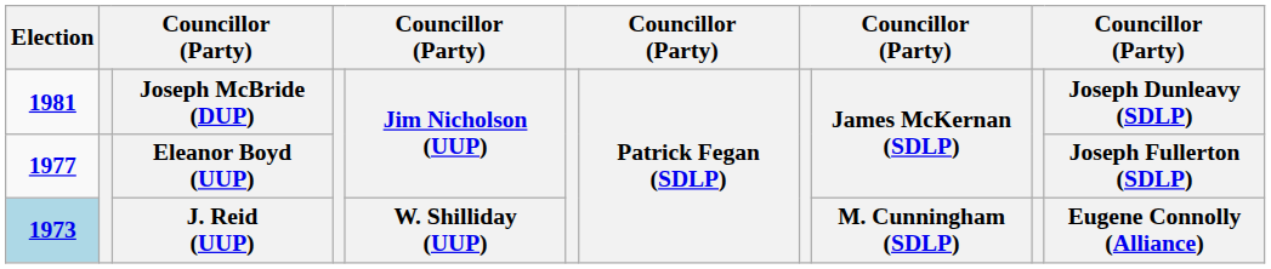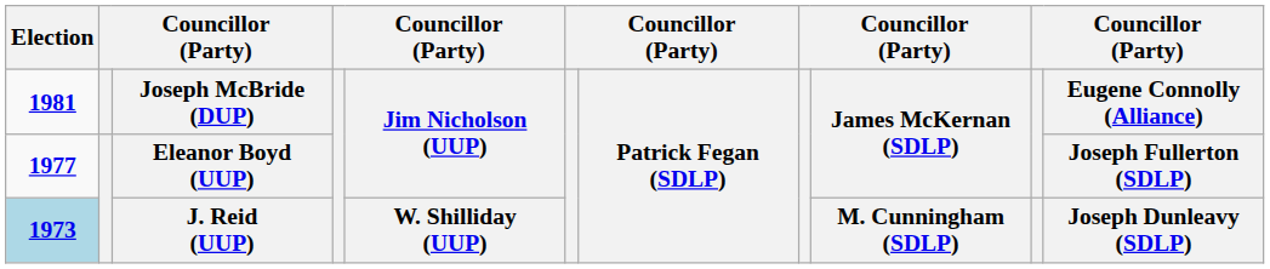 <table class="wikitable" style="text-align:center">
 <tr>
 <th scope="col" width="50">Election</th>
 <th scope="col" width="150" colspan = "2">Councillor<br> (Party)</th>
 <th scope="col" width="150" colspan = "2">Councillor<br> (Party)</th>
 <th scope="col" width="150" colspan = "2">Councillor<br> (Party)</th>
 <th scope="col" width="150" colspan = "2">Councillor<br> (Party)</th>
 <th scope="col" width="150" colspan = "2">Councillor<br> (Party)</th>
 </tr>
 <tr>
 <td><strong><a href='#'>1981</a></strong></td>
 <th rowspan="1" width="1" style="background-color: "></th>
 <th rowspan = "1">Joseph McBride <br> (<a href='#'>DUP</a>)</th>
 <th rowspan="3" width="1" style="background-color: "></th>
 <th rowspan = "2"><a href='#'>Jim Nicholson</a> <br> (<a href='#'>UUP</a>)</th>
 <th rowspan="3" width="1" style="background-color: "></th>
 <th rowspan = "3">Patrick Fegan <br> (<a href='#'>SDLP</a>)</th>
 <th rowspan="3" width="1" style="background-color: "></th>
 <th rowspan = "2">James McKernan <br> (<a href='#'>SDLP</a>)</th>
 <th rowspan="2" width="1" style="background-color: "></th>
-<th rowspan = "1">Joseph Dunleavy <br> (<a href='#'>SDLP</a>)</th>
+<th rowspan = "1">Eugene Connolly <br> (<a href='#'>Alliance</a>)</th>
 </tr>
 <tr>
 <td><strong><a href='#'>1977</a></strong></td>
 <th rowspan="2" width="1" style="background-color: "></th>
 <th rowspan = "1">Eleanor Boyd <br> (<a href='#'>UUP</a>)</th>
 <th rowspan = "1">Joseph Fullerton <br> (<a href='#'>SDLP</a>)</th>
 </tr>
 <tr>
 <td style="background: lightblue;"><strong><a href='#'>1973</a></strong></td>
 <th rowspan = "1">J. Reid <br> (<a href='#'>UUP</a>)</th>
 <th rowspan = "1">W. Shilliday <br> (<a href='#'>UUP</a>)</th>
 <th rowspan = "1">M. Cunningham <br> (<a href='#'>SDLP</a>)</th>
 <th rowspan="1" width="1" style="background-color: "></th>
-<th rowspan = "1">Eugene Connolly <br> (<a href='#'>Alliance</a>)</th>
+<th rowspan = "1">Joseph Dunleavy <br> (<a href='#'>SDLP</a>)</th>
 </tr>
 </table>
